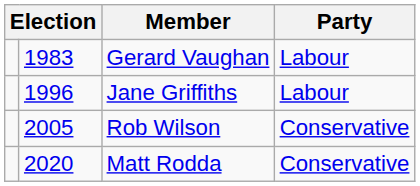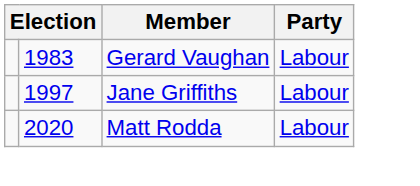 <table class="wikitable">
 <tr>
 <th colspan="2">Election</th>
 <th>Member</th>
 <th>Party</th>
 </tr>
 <tr>
 <td style="color:inherit;background-color: "></td>
 <td><a href='#'>1983</a></td>
 <td><a href='#'>Gerard Vaughan</a></td>
 <td><a href='#'>Labour</a></td>
 </tr>
 <tr>
 <td style="color:inherit;background-color: "></td>
-<td><a href='#'>1996</a></td>
+<td><a href='#'>1997</a></td>
 <td><a href='#'>Jane Griffiths</a></td>
 <td><a href='#'>Labour</a></td>
 </tr>
 <tr>
 <td style="color:inherit;background-color: "></td>
-<td><a href='#'>2005</a></td>
-<td><a href='#'>Rob Wilson</a></td>
-<td><a href='#'>Conservative</a></td>
-</tr>
-<tr>
-<td style="color:inherit;background-color: "></td>
 <td><a href='#'>2020</a></td>
 <td><a href='#'>Matt Rodda</a></td>
-<td><a href='#'>Conservative</a></td>
+<td><a href='#'>Labour</a></td>
 </tr>
 </table>
